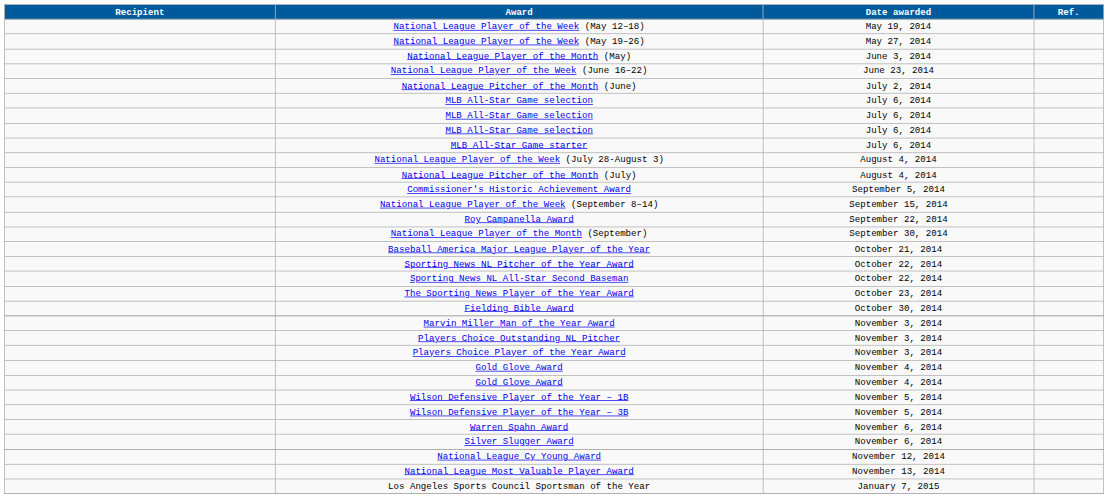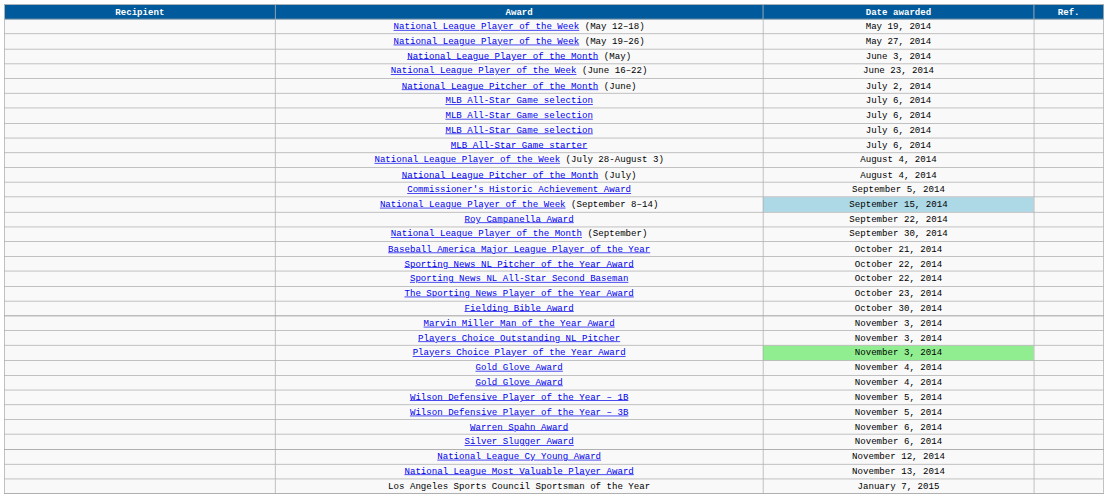 <table class="wikitable sortable collapsible" style="text-align:center">
 <tr>
 <th style="background:#005A9C; color:#FFF" width="5%">Recipient</th>
 <th style="background:#005A9C; color:#FFF" width="9%">Award</th>
 <th style="background:#005A9C; color:#FFF" width="5%">Date awarded</th>
 <th style="background:#005A9C; color:#FFF" width="1%" class="unsortable">Ref.</th>
 </tr>
 <tr>
 <td></td>
 <td><a href='#'>National League Player of the Week</a> (May 12–18)</td>
 <td>May 19, 2014</td>
 <td></td>
 </tr>
 <tr>
 <td></td>
 <td><a href='#'>National League Player of the Week</a> (May 19–26)</td>
 <td>May 27, 2014</td>
 <td></td>
 </tr>
 <tr>
 <td></td>
 <td><a href='#'>National League Player of the Month</a> (May)</td>
 <td>June 3, 2014</td>
 <td></td>
 </tr>
 <tr>
 <td></td>
 <td><a href='#'>National League Player of the Week</a> (June 16–22)</td>
 <td>June 23, 2014</td>
 <td></td>
 </tr>
 <tr>
 <td></td>
 <td><a href='#'>National League Pitcher of the Month</a> (June)</td>
 <td>July 2, 2014</td>
 <td></td>
 </tr>
 <tr>
 <td></td>
 <td><a href='#'>MLB All-Star Game selection</a></td>
 <td>July 6, 2014</td>
 <td></td>
 </tr>
 <tr>
 <td></td>
 <td><a href='#'>MLB All-Star Game selection</a></td>
 <td>July 6, 2014</td>
 <td></td>
 </tr>
 <tr>
 <td></td>
 <td><a href='#'>MLB All-Star Game selection</a></td>
 <td>July 6, 2014</td>
 <td></td>
 </tr>
 <tr>
 <td></td>
 <td><a href='#'>MLB All-Star Game starter</a></td>
 <td>July 6, 2014</td>
 <td></td>
 </tr>
 <tr>
 <td></td>
 <td><a href='#'>National League Player of the Week</a> (July 28-August 3)</td>
 <td>August 4, 2014</td>
 <td></td>
 </tr>
 <tr>
 <td></td>
 <td><a href='#'>National League Pitcher of the Month</a> (July)</td>
 <td>August 4, 2014</td>
 <td></td>
 </tr>
 <tr>
 <td></td>
 <td><a href='#'>Commissioner's Historic Achievement Award</a></td>
 <td>September 5, 2014</td>
 <td></td>
 </tr>
 <tr>
 <td></td>
 <td><a href='#'>National League Player of the Week</a> (September 8–14)</td>
-<td>September 15, 2014</td>
+<td style="background: lightblue;">September 15, 2014</td>
 <td></td>
 </tr>
 <tr>
 <td></td>
 <td><a href='#'>Roy Campanella Award</a></td>
 <td>September 22, 2014</td>
 <td></td>
 </tr>
 <tr>
 <td></td>
 <td><a href='#'>National League Player of the Month</a> (September)</td>
 <td>September 30, 2014</td>
 <td></td>
 </tr>
 <tr>
 <td></td>
 <td><a href='#'>Baseball America Major League Player of the Year</a></td>
 <td>October 21, 2014</td>
 <td></td>
 </tr>
 <tr>
 <td></td>
 <td><a href='#'>Sporting News NL Pitcher of the Year Award</a></td>
 <td>October 22, 2014</td>
 <td></td>
 </tr>
 <tr>
 <td></td>
 <td><a href='#'>Sporting News NL All-Star Second Baseman</a></td>
 <td>October 22, 2014</td>
 <td></td>
 </tr>
 <tr>
 <td></td>
 <td><a href='#'>The Sporting News Player of the Year Award</a></td>
 <td>October 23, 2014</td>
 <td></td>
 </tr>
 <tr>
 <td></td>
 <td><a href='#'>Fielding Bible Award</a></td>
 <td>October 30, 2014</td>
 <td></td>
 </tr>
 <tr>
 </tr>
 <tr>
 <td></td>
 <td><a href='#'>Marvin Miller Man of the Year Award</a></td>
 <td>November 3, 2014</td>
 <td></td>
 </tr>
 <tr>
 <td></td>
 <td><a href='#'>Players Choice Outstanding NL Pitcher</a></td>
 <td>November 3, 2014</td>
 <td></td>
 </tr>
 <tr>
 <td></td>
 <td><a href='#'>Players Choice Player of the Year Award</a></td>
-<td>November 3, 2014</td>
+<td style="background: lightgreen;">November 3, 2014</td>
 <td></td>
 </tr>
 <tr>
 <td></td>
 <td><a href='#'>Gold Glove Award</a></td>
 <td>November 4, 2014</td>
 <td></td>
 </tr>
 <tr>
 <td></td>
 <td><a href='#'>Gold Glove Award</a></td>
 <td>November 4, 2014</td>
 <td></td>
 </tr>
 <tr>
 <td></td>
 <td><a href='#'>Wilson Defensive Player of the Year – 1B</a></td>
 <td>November 5, 2014</td>
 <td></td>
 </tr>
 <tr>
 <td></td>
 <td><a href='#'>Wilson Defensive Player of the Year – 3B</a></td>
 <td>November 5, 2014</td>
 <td></td>
 </tr>
 <tr>
 <td></td>
 <td><a href='#'>Warren Spahn Award</a></td>
 <td>November 6, 2014</td>
 <td></td>
 </tr>
 <tr>
 <td></td>
 <td><a href='#'>Silver Slugger Award</a></td>
 <td>November 6, 2014</td>
 <td></td>
 </tr>
 <tr>
 </tr>
 <tr>
 <td></td>
 <td><a href='#'>National League Cy Young Award</a></td>
 <td>November 12, 2014</td>
 <td></td>
 </tr>
 <tr>
 <td></td>
 <td><a href='#'>National League Most Valuable Player Award</a></td>
 <td>November 13, 2014</td>
 <td></td>
 </tr>
 <tr>
 <td></td>
 <td>Los Angeles Sports Council Sportsman of the Year</td>
 <td>January 7, 2015</td>
 <td></td>
 </tr>
 <tr>
 </tr>
 </table>
